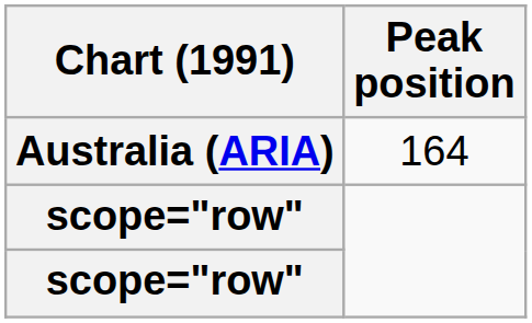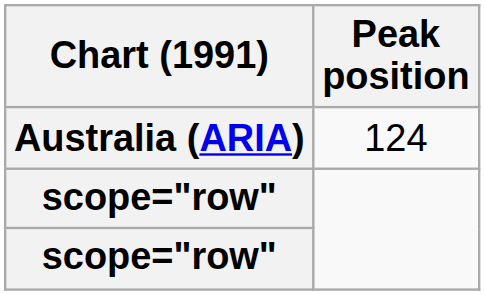 <table class="wikitable sortable plainrowheaders" style="text-align:center">
 <tr>
 <th scope="col">Chart (1991)</th>
 <th scope="col">Peak<br> position</th>
 </tr>
 <tr>
 <th scope="row">Australia (<a href='#'>ARIA</a>)</th>
-<td>164</td>
+<td>124</td>
 </tr>
 <tr>
 <th>scope="row"</th>
 </tr>
 <tr>
 <th>scope="row"</th>
 </tr>
 </table>
